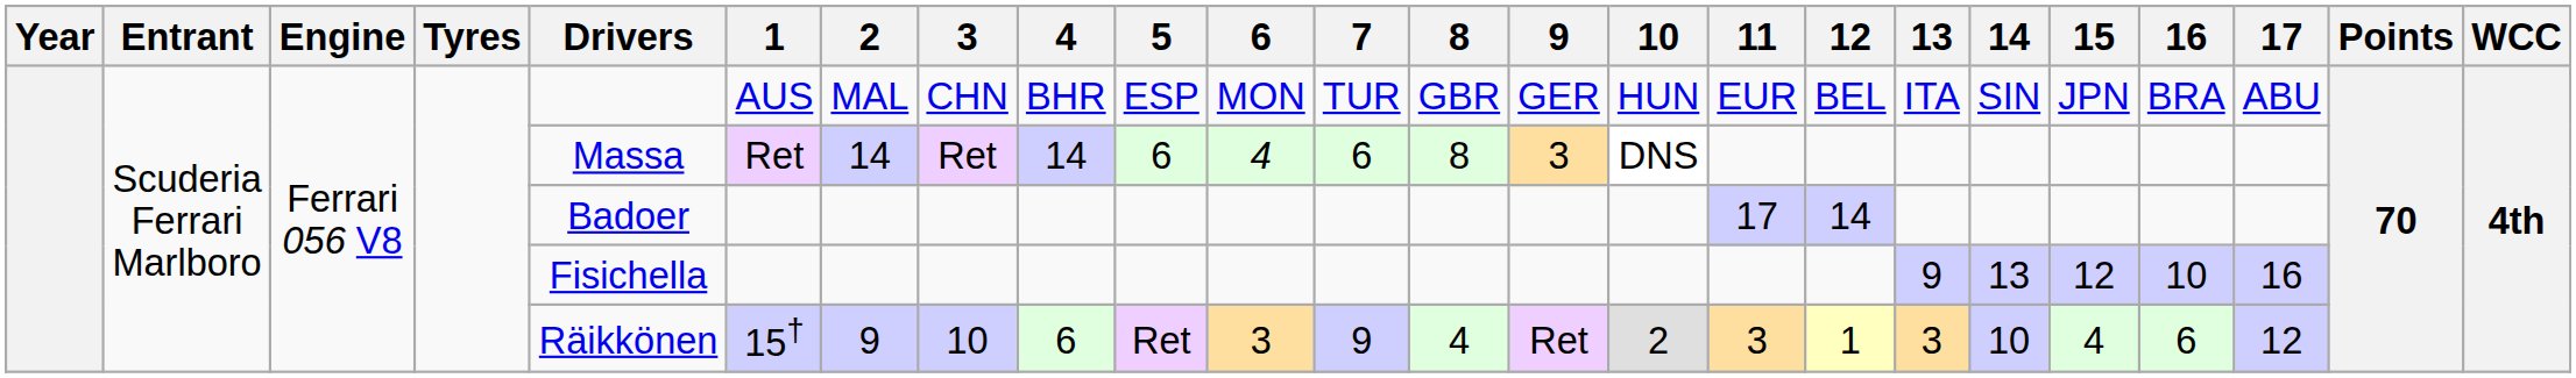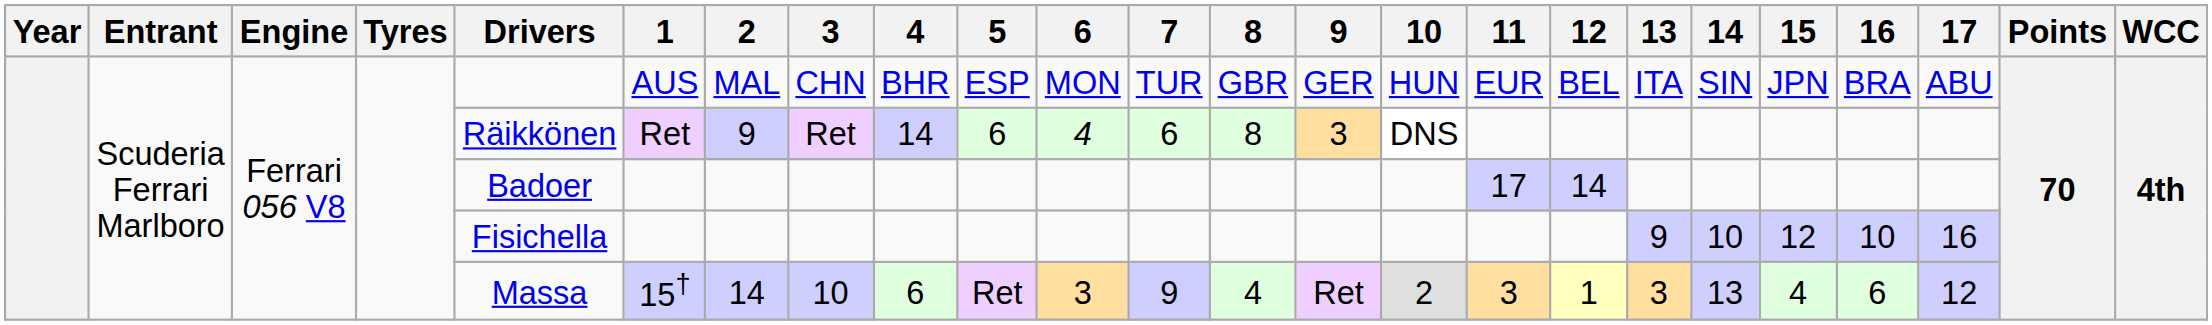 <table class="wikitable" style="text-align:center; font-size:95%">
 <tr>
 <th>Year</th>
 <th>Entrant</th>
 <th>Engine</th>
 <th>Tyres</th>
 <th>Drivers</th>
 <th>1</th>
 <th>2</th>
 <th>3</th>
 <th>4</th>
 <th>5</th>
 <th>6</th>
 <th>7</th>
 <th>8</th>
 <th>9</th>
 <th>10</th>
 <th>11</th>
 <th>12</th>
 <th>13</th>
 <th>14</th>
 <th>15</th>
 <th>16</th>
 <th>17</th>
 <th>Points</th>
 <th>WCC</th>
 </tr>
 <tr>
 <th rowspan="5"></th>
 <td rowspan="5">Scuderia Ferrari Marlboro</td>
 <td rowspan="5">Ferrari <em>056</em> <a href='#'>V8</a></td>
 <td rowspan="5"></td>
 <td></td>
 <td><a href='#'>AUS</a></td>
 <td><a href='#'>MAL</a></td>
 <td><a href='#'>CHN</a></td>
 <td><a href='#'>BHR</a></td>
 <td><a href='#'>ESP</a></td>
 <td><a href='#'>MON</a></td>
 <td><a href='#'>TUR</a></td>
 <td><a href='#'>GBR</a></td>
 <td><a href='#'>GER</a></td>
 <td><a href='#'>HUN</a></td>
 <td><a href='#'>EUR</a></td>
 <td><a href='#'>BEL</a></td>
 <td><a href='#'>ITA</a></td>
 <td><a href='#'>SIN</a></td>
 <td><a href='#'>JPN</a></td>
 <td><a href='#'>BRA</a></td>
 <td><a href='#'>ABU</a></td>
 <th rowspan="5"><strong>70</strong></th>
 <th rowspan="5"><strong>4th</strong></th>
 </tr>
 <tr>
-<td><a href='#'>Massa</a></td>
+<td><a href='#'>Räikkönen</a></td>
 <td style="background:#efcfff;">Ret</td>
-<td style="background:#cfcfff;">14</td>
+<td style="background:#cfcfff;">9</td>
 <td style="background:#efcfff;">Ret</td>
 <td style="background:#cfcfff;">14</td>
 <td style="background:#dfffdf;">6</td>
 <td style="background:#dfffdf;"><em>4</em></td>
 <td style="background:#dfffdf;">6</td>
 <td style="background:#dfffdf;">8</td>
 <td style="background:#ffdf9f;">3</td>
 <td style="background:#ffffff;">DNS</td>
 <td></td>
 <td></td>
 <td></td>
 <td></td>
 <td></td>
 <td></td>
 <td></td>
 </tr>
 <tr>
 <td><a href='#'>Badoer</a></td>
 <td></td>
 <td></td>
 <td></td>
 <td></td>
 <td></td>
 <td></td>
 <td></td>
 <td></td>
 <td></td>
 <td></td>
 <td style="background:#cfcfff;">17</td>
 <td style="background:#cfcfff;">14</td>
 <td></td>
 <td></td>
 <td></td>
 <td></td>
 <td></td>
 </tr>
 <tr>
 <td><a href='#'>Fisichella</a></td>
 <td></td>
 <td></td>
 <td></td>
 <td></td>
 <td></td>
 <td></td>
 <td></td>
 <td></td>
 <td></td>
 <td></td>
 <td></td>
 <td></td>
 <td style="background:#cfcfff;">9</td>
-<td style="background:#cfcfff;">13</td>
+<td style="background:#cfcfff;">10</td>
 <td style="background:#cfcfff;">12</td>
 <td style="background:#cfcfff;">10</td>
 <td style="background:#cfcfff;">16</td>
 </tr>
 <tr>
-<td><a href='#'>Räikkönen</a></td>
+<td><a href='#'>Massa</a></td>
 <td style="background:#cfcfff;">15<sup>†</sup></td>
-<td style="background:#cfcfff;">9</td>
+<td style="background:#cfcfff;">14</td>
 <td style="background:#cfcfff;">10</td>
 <td style="background:#dfffdf;">6</td>
 <td style="background:#efcfff;">Ret</td>
 <td style="background:#ffdf9f;">3</td>
 <td style="background:#cfcfff;">9</td>
 <td style="background:#dfffdf;">4</td>
 <td style="background:#efcfff;">Ret</td>
 <td style="background:#dfdfdf;">2</td>
 <td style="background:#ffdf9f;">3</td>
 <td style="background:#FFFFBF;">1</td>
 <td style="background:#ffdf9f;">3</td>
-<td style="background:#cfcfff;">10</td>
+<td style="background:#cfcfff;">13</td>
 <td style="background:#dfffdf;">4</td>
 <td style="background:#dfffdf;">6</td>
 <td style="background:#cfcfff;">12</td>
 </tr>
 </table>
